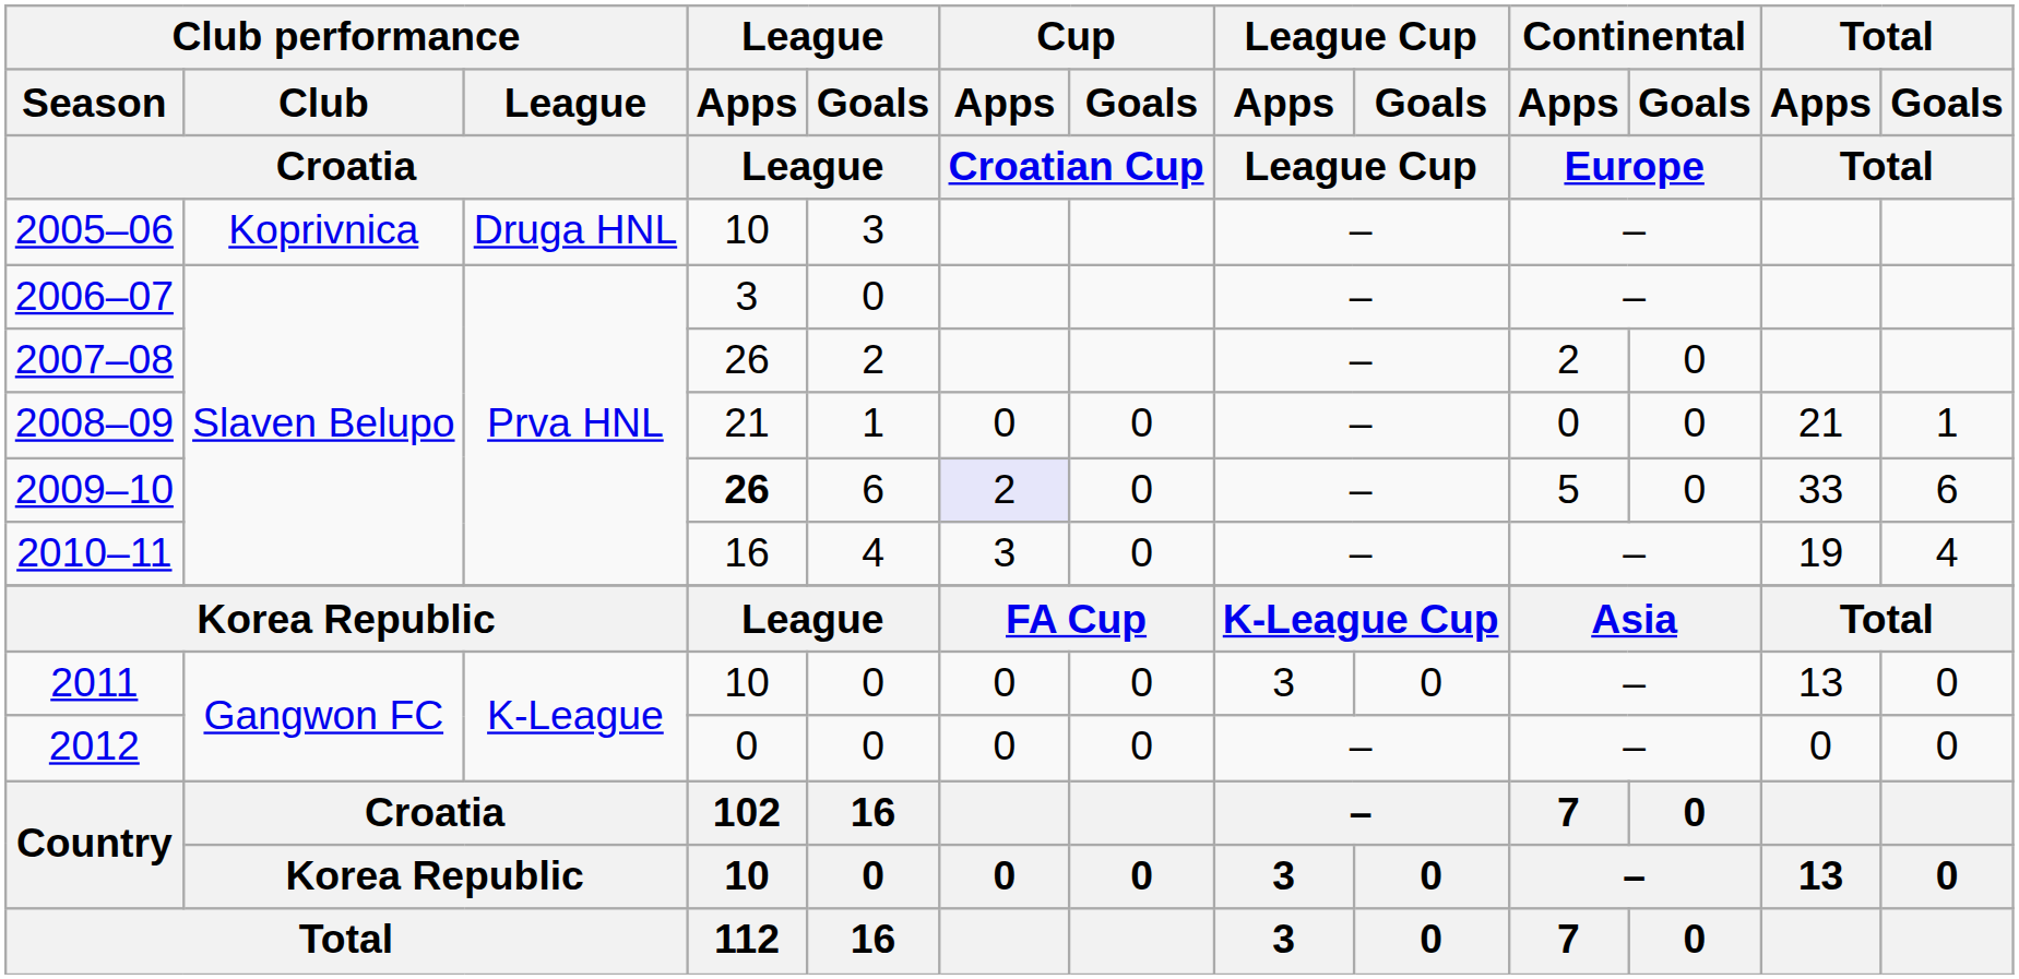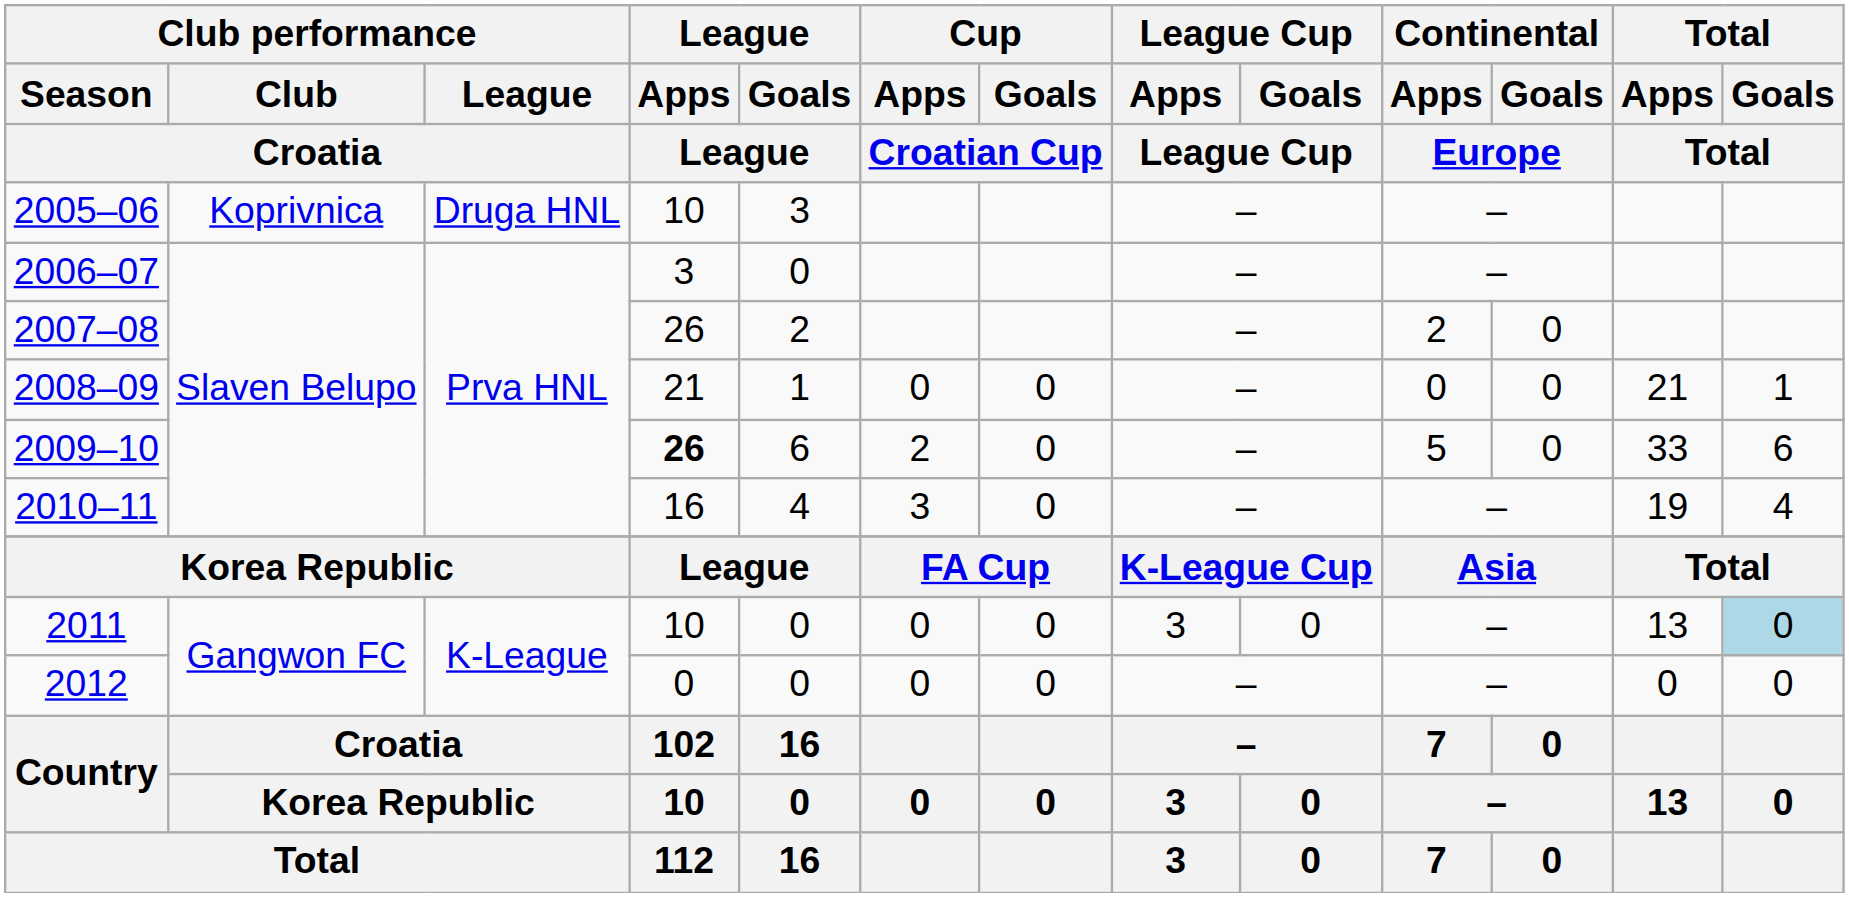 <table class="wikitable" style="text-align:center;">
 <tr>
 <th colspan=3>Club performance</th>
 <th colspan=2>League</th>
 <th colspan=2>Cup</th>
 <th colspan=2>League Cup</th>
 <th colspan=2>Continental</th>
 <th colspan=2>Total</th>
 </tr>
 <tr>
 <th>Season</th>
 <th>Club</th>
 <th>League</th>
 <th>Apps</th>
 <th>Goals</th>
 <th>Apps</th>
 <th>Goals</th>
 <th>Apps</th>
 <th>Goals</th>
 <th>Apps</th>
 <th>Goals</th>
 <th>Apps</th>
 <th>Goals</th>
 </tr>
 <tr>
 <th colspan=3>Croatia</th>
 <th colspan=2>League</th>
 <th colspan=2><a href='#'>Croatian Cup</a></th>
 <th colspan=2>League Cup</th>
 <th colspan=2><a href='#'>Europe</a></th>
 <th colspan=2>Total</th>
 </tr>
 <tr>
 <td><a href='#'>2005–06</a></td>
 <td rowspan=1><a href='#'>Koprivnica</a></td>
 <td rowspan=1><a href='#'>Druga HNL</a></td>
 <td>10</td>
 <td>3</td>
 <td></td>
 <td></td>
 <td colspan=2>–</td>
 <td colspan=2>–</td>
 <td></td>
 <td></td>
 </tr>
 <tr>
 <td><a href='#'>2006–07</a></td>
 <td rowspan=5><a href='#'>Slaven Belupo</a></td>
 <td rowspan=5><a href='#'>Prva HNL</a></td>
 <td>3</td>
 <td>0</td>
 <td></td>
 <td></td>
 <td colspan=2>–</td>
 <td colspan=2>–</td>
 <td></td>
 <td></td>
 </tr>
 <tr>
 <td><a href='#'>2007–08</a></td>
 <td>26</td>
 <td>2</td>
 <td></td>
 <td></td>
 <td colspan=2>–</td>
 <td>2</td>
 <td>0</td>
 <td></td>
 <td></td>
 </tr>
 <tr>
 <td><a href='#'>2008–09</a></td>
 <td>21</td>
 <td>1</td>
 <td>0</td>
 <td>0</td>
 <td colspan=2>–</td>
 <td>0</td>
 <td>0</td>
 <td>21</td>
 <td>1</td>
 </tr>
 <tr>
 <td><a href='#'>2009–10</a></td>
 <td><strong>26</strong></td>
 <td>6</td>
-<td style="background: lavender;">2</td>
+<td>2</td>
 <td>0</td>
 <td colspan=2>–</td>
 <td>5</td>
 <td>0</td>
 <td>33</td>
 <td>6</td>
 </tr>
 <tr>
 <td><a href='#'>2010–11</a></td>
 <td>16</td>
 <td>4</td>
 <td>3</td>
 <td>0</td>
 <td colspan=2>–</td>
 <td colspan=2>–</td>
 <td>19</td>
 <td>4</td>
 </tr>
 <tr>
 </tr>
 <tr>
 <th colspan=3>Korea Republic</th>
 <th colspan=2>League</th>
 <th colspan=2><a href='#'>FA Cup</a></th>
 <th colspan=2><a href='#'>K-League Cup</a></th>
 <th colspan=2><a href='#'>Asia</a></th>
 <th colspan=2>Total</th>
 </tr>
 <tr>
 <td><a href='#'>2011</a></td>
 <td rowspan=2><a href='#'>Gangwon FC</a></td>
 <td rowspan=2><a href='#'>K-League</a></td>
 <td>10</td>
 <td>0</td>
 <td>0</td>
 <td>0</td>
 <td>3</td>
 <td>0</td>
 <td colspan=2>–</td>
 <td>13</td>
-<td>0</td>
+<td style="background: lightblue;">0</td>
 </tr>
 <tr>
 <td><a href='#'>2012</a></td>
 <td>0</td>
 <td>0</td>
 <td>0</td>
 <td>0</td>
 <td colspan=2>–</td>
 <td colspan=2>–</td>
 <td>0</td>
 <td>0</td>
 </tr>
 <tr>
 <th rowspan=2>Country</th>
 <th colspan=2>Croatia</th>
 <th>102</th>
 <th>16</th>
 <th></th>
 <th></th>
 <th colspan=2>–</th>
 <th>7</th>
 <th>0</th>
 <th></th>
 <th></th>
 </tr>
 <tr>
 <th colspan=2>Korea Republic</th>
 <th>10</th>
 <th>0</th>
 <th>0</th>
 <th>0</th>
 <th>3</th>
 <th>0</th>
 <th colspan=2>–</th>
 <th>13</th>
 <th>0</th>
 </tr>
 <tr>
 <th colspan=3>Total</th>
 <th>112</th>
 <th>16</th>
 <th></th>
 <th></th>
 <th>3</th>
 <th>0</th>
 <th>7</th>
 <th>0</th>
 <th></th>
 <th></th>
 </tr>
 </table>
